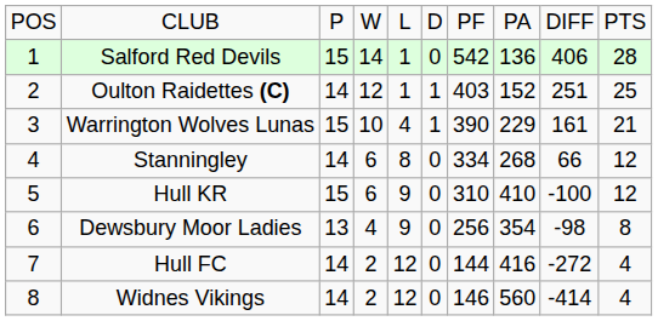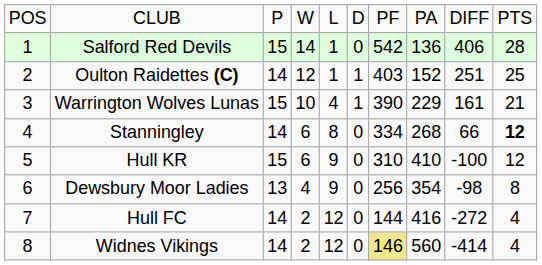 <table class="wikitable" style="text-align: center;">
 <tr>
 <td>POS</td>
 <td>CLUB</td>
 <td>P</td>
 <td>W</td>
 <td>L</td>
 <td>D</td>
 <td>PF</td>
 <td>PA</td>
 <td>DIFF</td>
 <td>PTS</td>
 </tr>
 <tr style="background:#ddffdd;">
 <td>1</td>
 <td>Salford Red Devils</td>
 <td>15</td>
 <td>14</td>
 <td>1</td>
 <td>0</td>
 <td>542</td>
 <td>136</td>
 <td>406</td>
 <td>28</td>
 </tr>
 <tr>
 <td>2</td>
 <td>Oulton Raidettes <strong>(C)</strong></td>
 <td>14</td>
 <td>12</td>
 <td>1</td>
 <td>1</td>
 <td>403</td>
 <td>152</td>
 <td>251</td>
 <td>25</td>
 </tr>
 <tr>
 <td>3</td>
 <td>Warrington Wolves Lunas</td>
 <td>15</td>
 <td>10</td>
 <td>4</td>
 <td>1</td>
 <td>390</td>
 <td>229</td>
 <td>161</td>
 <td>21</td>
 </tr>
 <tr>
 <td>4</td>
 <td>Stanningley</td>
 <td>14</td>
 <td>6</td>
 <td>8</td>
 <td>0</td>
 <td>334</td>
 <td>268</td>
 <td>66</td>
-<td>12</td>
+<td><strong>12</strong></td>
 </tr>
 <tr>
 <td>5</td>
 <td>Hull KR</td>
 <td>15</td>
 <td>6</td>
 <td>9</td>
 <td>0</td>
 <td>310</td>
 <td>410</td>
 <td>-100</td>
 <td>12</td>
 </tr>
 <tr>
 <td>6</td>
 <td>Dewsbury Moor Ladies</td>
 <td>13</td>
 <td>4</td>
 <td>9</td>
 <td>0</td>
 <td>256</td>
 <td>354</td>
 <td>-98</td>
 <td>8</td>
 </tr>
 <tr>
 <td>7</td>
 <td>Hull FC</td>
 <td>14</td>
 <td>2</td>
 <td>12</td>
 <td>0</td>
 <td>144</td>
 <td>416</td>
 <td>-272</td>
 <td>4</td>
 </tr>
 <tr>
 <td>8</td>
 <td>Widnes Vikings</td>
 <td>14</td>
 <td>2</td>
 <td>12</td>
 <td>0</td>
-<td>146</td>
+<td style="background: khaki;">146</td>
 <td>560</td>
 <td>-414</td>
 <td>4</td>
 </tr>
 </table>
